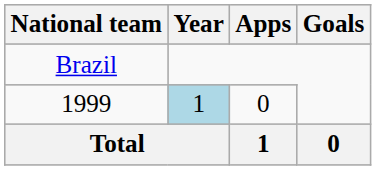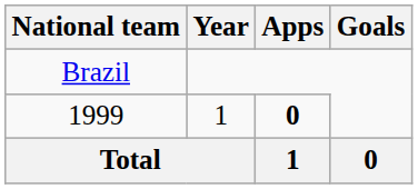 <table class="wikitable" style="text-align:center">
 <tr>
 <th>National team</th>
 <th>Year</th>
 <th>Apps</th>
 <th>Goals</th>
 </tr>
 <tr>
 <td><a href='#'>Brazil</a></td>
 </tr>
 <tr>
 <td>1999</td>
-<td style="background: lightblue;">1</td>
-<td>0</td>
+<td>1</td>
+<td><strong>0</strong></td>
 </tr>
 <tr>
 <th colspan="2">Total</th>
 <th>1</th>
 <th>0</th>
 </tr>
 </table>
